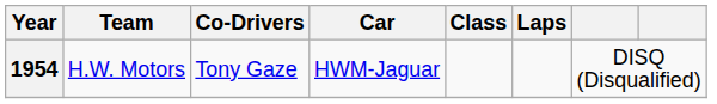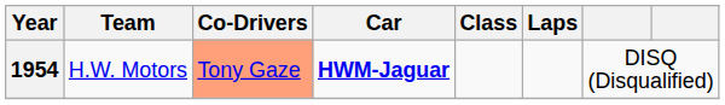 <table class="wikitable" style="font-size:90%">
 <tr>
 <th>Year</th>
 <th>Team</th>
 <th>Co-Drivers</th>
 <th>Car</th>
 <th>Class</th>
 <th>Laps</th>
 <th></th>
 <th></th>
 </tr>
 <tr align="center">
 <th>1954</th>
 <td align="left"> <a href='#'>H.W. Motors</a></td>
-<td align="left"> <a href='#'>Tony Gaze</a></td>
-<td align="left"><a href='#'>HWM-Jaguar</a></td>
+<td align="left" style="background: lightsalmon;"> <a href='#'>Tony Gaze</a></td>
+<td align="left"><strong><a href='#'>HWM-Jaguar</a></strong></td>
 <td></td>
 <td></td>
 <td colspan=2>DISQ<br>(Disqualified)</td>
 </tr>
 <tr align="center">
 </tr>
 </table>
